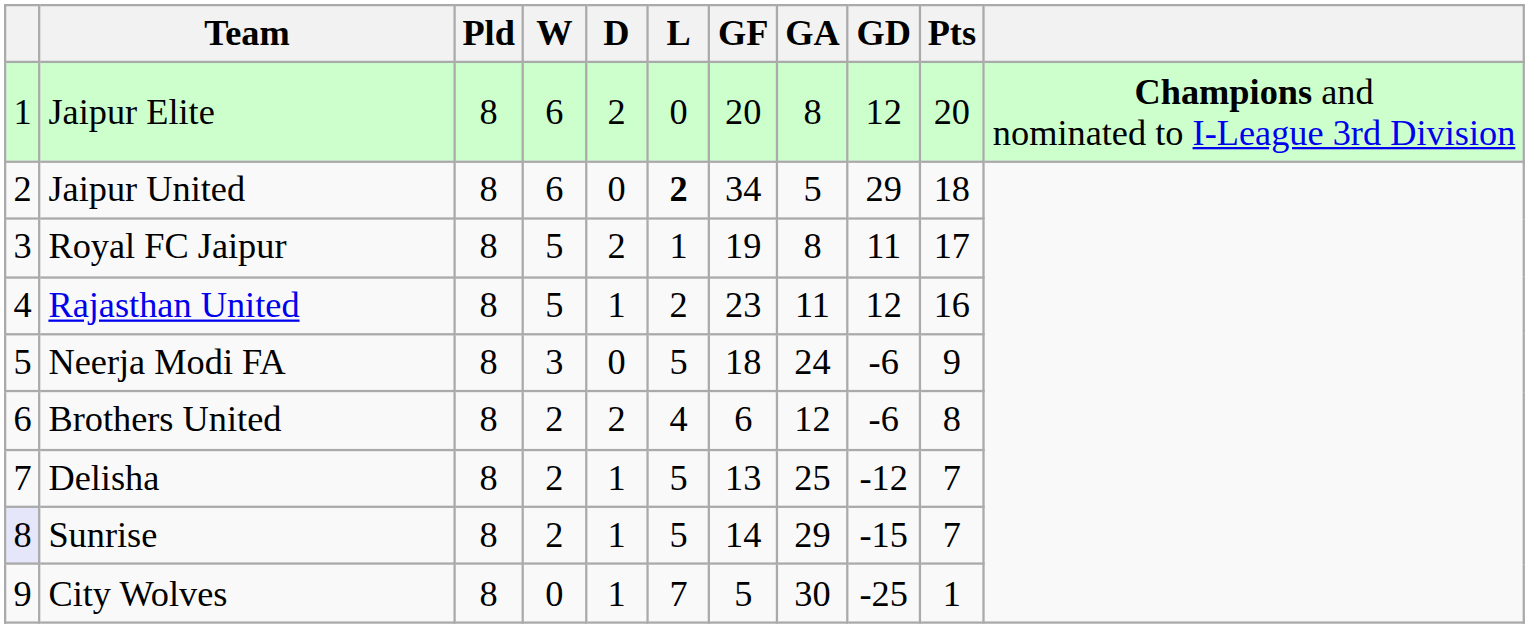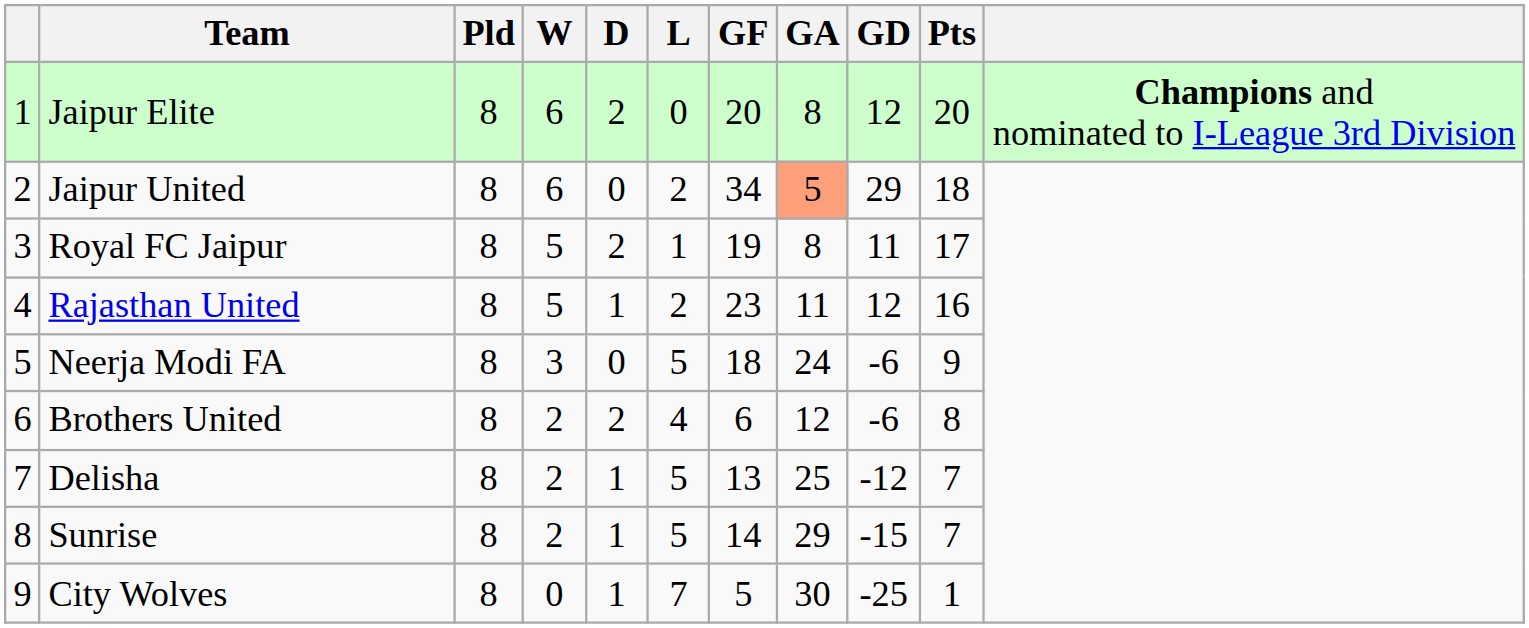 <table class="wikitable" style="text-align: center;">
 <tr>
 <th></th>
 <th width="175">Team</th>
 <th width="20">Pld</th>
 <th width="20">W</th>
 <th width="20">D</th>
 <th width="20">L</th>
 <th width="20">GF</th>
 <th width="20">GA</th>
 <th width="20">GD</th>
 <th width="20">Pts</th>
 <th></th>
 </tr>
 <tr bgcolor="#ccffcc">
 <td>1</td>
 <td align="left">Jaipur Elite</td>
 <td>8</td>
 <td>6</td>
 <td>2</td>
 <td>0</td>
 <td>20</td>
 <td>8</td>
 <td>12</td>
 <td>20</td>
 <td><strong>Champions</strong> and<br>nominated to <a href='#'>I-League 3rd Division</a></td>
 </tr>
 <tr>
 <td>2</td>
 <td align="left">Jaipur United</td>
 <td>8</td>
 <td>6</td>
 <td>0</td>
-<td><strong>2</strong></td>
+<td>2</td>
 <td>34</td>
-<td>5</td>
+<td style="background: lightsalmon;">5</td>
 <td>29</td>
 <td>18</td>
 <td rowspan="8"></td>
 </tr>
 <tr>
 <td>3</td>
 <td align="left">Royal FC Jaipur</td>
 <td>8</td>
 <td>5</td>
 <td>2</td>
 <td>1</td>
 <td>19</td>
 <td>8</td>
 <td>11</td>
 <td>17</td>
 </tr>
 <tr>
 <td>4</td>
 <td align="left"><a href='#'>Rajasthan United</a></td>
 <td>8</td>
 <td>5</td>
 <td>1</td>
 <td>2</td>
 <td>23</td>
 <td>11</td>
 <td>12</td>
 <td>16</td>
 </tr>
 <tr>
 <td>5</td>
 <td align="left">Neerja Modi FA</td>
 <td>8</td>
 <td>3</td>
 <td>0</td>
 <td>5</td>
 <td>18</td>
 <td>24</td>
 <td>-6</td>
 <td>9</td>
 </tr>
 <tr>
 <td>6</td>
 <td align="left">Brothers United</td>
 <td>8</td>
 <td>2</td>
 <td>2</td>
 <td>4</td>
 <td>6</td>
 <td>12</td>
 <td>-6</td>
 <td>8</td>
 </tr>
 <tr>
 <td>7</td>
 <td align="left">Delisha</td>
 <td>8</td>
 <td>2</td>
 <td>1</td>
 <td>5</td>
 <td>13</td>
 <td>25</td>
 <td>-12</td>
 <td>7</td>
 </tr>
 <tr>
-<td style="background: lavender;">8</td>
+<td>8</td>
 <td align="left">Sunrise</td>
 <td>8</td>
 <td>2</td>
 <td>1</td>
 <td>5</td>
 <td>14</td>
 <td>29</td>
 <td>-15</td>
 <td>7</td>
 </tr>
 <tr>
 <td>9</td>
 <td align="left">City Wolves</td>
 <td>8</td>
 <td>0</td>
 <td>1</td>
 <td>7</td>
 <td>5</td>
 <td>30</td>
 <td>-25</td>
 <td>1</td>
 </tr>
 </table>
